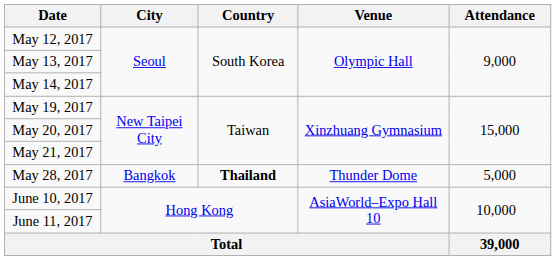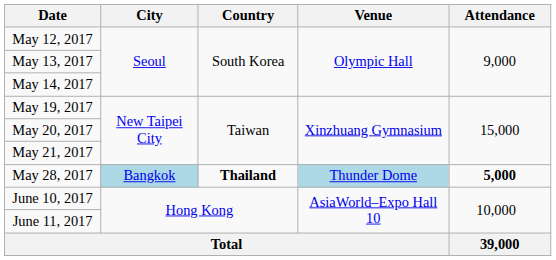 <table class="wikitable" style="text-align:center;">
 <tr>
 <th scope="col" style="width:12em;">Date</th>
 <th scope="col" style="width:10em;">City</th>
 <th scope="col" style="width:10em;">Country</th>
 <th scope="col" style="width:17em;">Venue</th>
 <th scope="col" style="width:9em;">Attendance</th>
 </tr>
 <tr>
 <td>May 12, 2017</td>
 <td rowspan="3"><a href='#'>Seoul</a></td>
 <td rowspan="3">South Korea</td>
 <td rowspan="3"><a href='#'>Olympic Hall</a></td>
 <td rowspan="3">9,000</td>
 </tr>
 <tr>
 <td>May 13, 2017</td>
 </tr>
 <tr>
 <td>May 14, 2017</td>
 </tr>
 <tr>
 <td>May 19, 2017</td>
 <td rowspan="3"><a href='#'>New Taipei City</a></td>
 <td rowspan="3">Taiwan</td>
 <td rowspan="3"><a href='#'>Xinzhuang Gymnasium</a></td>
 <td rowspan="3">15,000</td>
 </tr>
 <tr>
 <td>May 20, 2017</td>
 </tr>
 <tr>
 <td>May 21, 2017</td>
 </tr>
 <tr>
 <td>May 28, 2017</td>
-<td><a href='#'>Bangkok</a></td>
+<td style="background: lightblue;"><a href='#'>Bangkok</a></td>
 <td><strong>Thailand</strong></td>
-<td><a href='#'>Thunder Dome</a></td>
-<td>5,000</td>
+<td style="background: lightblue;"><a href='#'>Thunder Dome</a></td>
+<td><strong>5,000</strong></td>
 </tr>
 <tr>
 <td>June 10, 2017</td>
 <td colspan="2" rowspan="2"><a href='#'>Hong Kong</a></td>
 <td rowspan="2"><a href='#'>AsiaWorld–Expo Hall 10</a></td>
 <td rowspan="2">10,000  </td>
 </tr>
 <tr>
 <td>June 11, 2017</td>
 </tr>
 <tr>
 <th colspan="4">Total</th>
 <th>39,000</th>
 </tr>
 </table>
